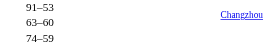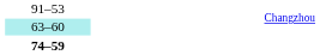 <table style="text-align:center">
 <tr>
 <th width=200></th>
 <th width=100></th>
 <th width=200></th>
 <th></th>
 </tr>
 <tr>
 <td align=right><strong></strong></td>
 <td>91–53</td>
 <td align=left></td>
 <td align=left rowspan=2><small><a href='#'>Changzhou</a></small></td>
 </tr>
 <tr>
 <td align=right><strong></strong></td>
-<td>63–60</td>
+<td style="background: paleturquoise;">63–60</td>
 <td align=left></td>
 </tr>
 <tr>
 <td align=right><strong></strong></td>
-<td>74–59</td>
+<td><strong>74–59</strong></td>
 <td align=left></td>
 </tr>
 </table>
